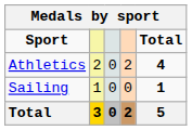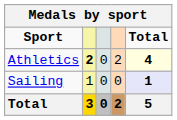 <table class="wikitable" style="text-align:center;font-size:90%">
 <tr style="background:#efefef;">
 <th colspan=7>Medals by sport</th>
 </tr>
 <tr>
 <td><strong>Sport</strong></td>
 <td bgcolor=#f7f6a8></td>
 <td bgcolor=#dce5e5></td>
 <td bgcolor=#ffdab9></td>
 <td><strong>Total</strong></td>
 </tr>
 <tr>
 <td style="text-align:left;"><a href='#'>Athletics</a></td>
-<td style="background:#F7F6A8;">2</td>
+<td style="background:#F7F6A8;"><strong>2</strong></td>
 <td style="background:#DCE5E5;">0</td>
 <td style="background:#FFDAB9;">2</td>
-<td><strong>4</strong></td>
+<td style="background: lightyellow;"><strong>4</strong></td>
 </tr>
 <tr>
 <td style="text-align:left;"><a href='#'>Sailing</a></td>
 <td style="background:#F7F6A8;">1</td>
 <td style="background:#DCE5E5;">0</td>
 <td style="background:#FFDAB9;">0</td>
-<td><strong>1</strong></td>
+<td style="background: lavender;"><strong>1</strong></td>
 </tr>
 <tr>
 <th style="text-align:left;">Total</th>
 <th style="background:gold;">3</th>
 <th style="background:silver;">0</th>
 <th style="background:#c96;">2</th>
 <th>5</th>
 </tr>
 </table>
